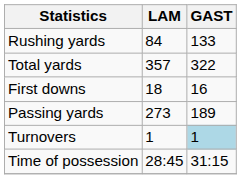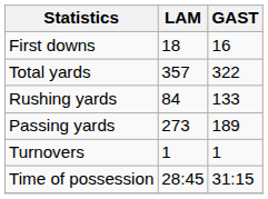 <table class="wikitable" style="float: left;">
 <tr>
 <th>Statistics</th>
 <th>LAM</th>
 <th>GAST</th>
 </tr>
 <tr>
-<td>Rushing yards</td>
-<td>84</td>
-<td>133</td>
+<td>First downs</td>
+<td>18</td>
+<td>16</td>
 </tr>
 <tr>
 <td>Total yards</td>
 <td>357</td>
 <td>322</td>
 </tr>
 <tr>
-<td>First downs</td>
-<td>18</td>
-<td>16</td>
+<td>Rushing yards</td>
+<td>84</td>
+<td>133</td>
 </tr>
 <tr>
 <td>Passing yards</td>
 <td>273</td>
 <td>189</td>
 </tr>
 <tr>
 <td>Turnovers</td>
 <td>1</td>
-<td style="background: lightblue;">1</td>
+<td>1</td>
 </tr>
 <tr>
 <td>Time of possession</td>
 <td>28:45</td>
 <td>31:15</td>
 </tr>
 <tr>
 </tr>
 </table>
